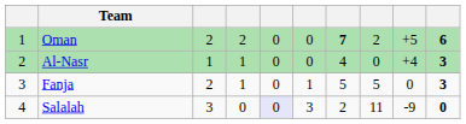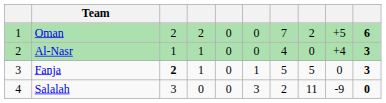 <table class="wikitable" style="text-align: center;">
 <tr>
 <th width=30></th>
 <th width=165>Team</th>
 <th width=30></th>
 <th width=30></th>
 <th width=30></th>
 <th width=30></th>
 <th width=30></th>
 <th width=30></th>
 <th width=30></th>
 <th width=30></th>
 </tr>
 <tr bgcolor=#ACE1AF>
 <td>1</td>
 <td align=left><a href='#'>Oman</a></td>
 <td>2</td>
 <td>2</td>
 <td>0</td>
 <td>0</td>
-<td><strong>7</strong></td>
+<td>7</td>
 <td>2</td>
 <td>+5</td>
 <td><strong>6</strong></td>
 </tr>
 <tr bgcolor=#ACE1AF>
 <td>2</td>
 <td align=left><a href='#'>Al-Nasr</a></td>
 <td>1</td>
 <td>1</td>
 <td>0</td>
 <td>0</td>
 <td>4</td>
 <td>0</td>
 <td>+4</td>
 <td><strong>3</strong></td>
 </tr>
 <tr>
 <td>3</td>
 <td align=left><a href='#'>Fanja</a></td>
-<td>2</td>
+<td><strong>2</strong></td>
 <td>1</td>
 <td>0</td>
 <td>1</td>
 <td>5</td>
 <td>5</td>
 <td>0</td>
 <td><strong>3</strong></td>
 </tr>
 <tr>
 <td>4</td>
 <td align=left><a href='#'>Salalah</a></td>
 <td>3</td>
 <td>0</td>
-<td style="background: lavender;">0</td>
+<td>0</td>
 <td>3</td>
 <td>2</td>
 <td>11</td>
 <td>-9</td>
 <td><strong>0</strong></td>
 </tr>
 </table>
